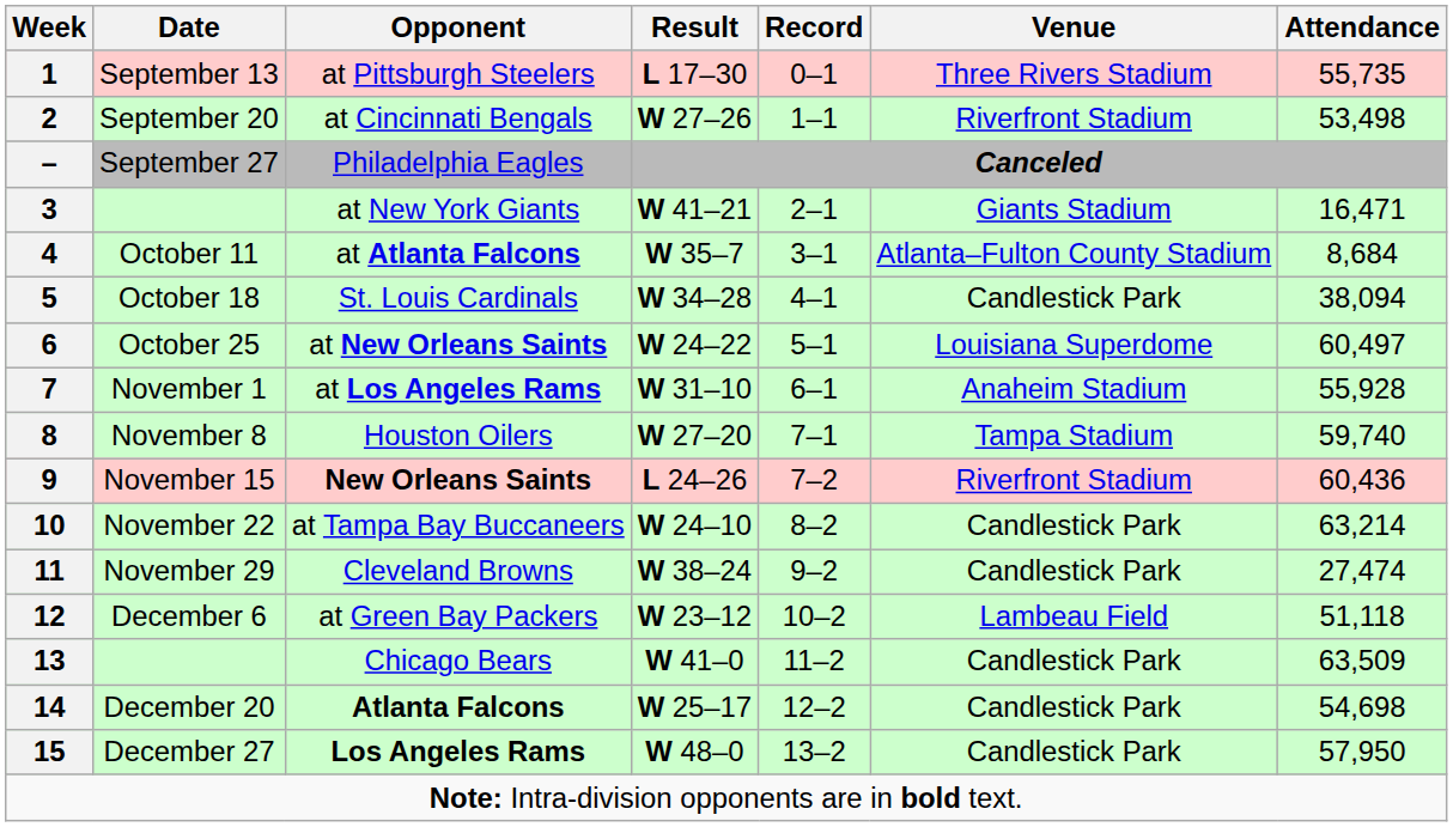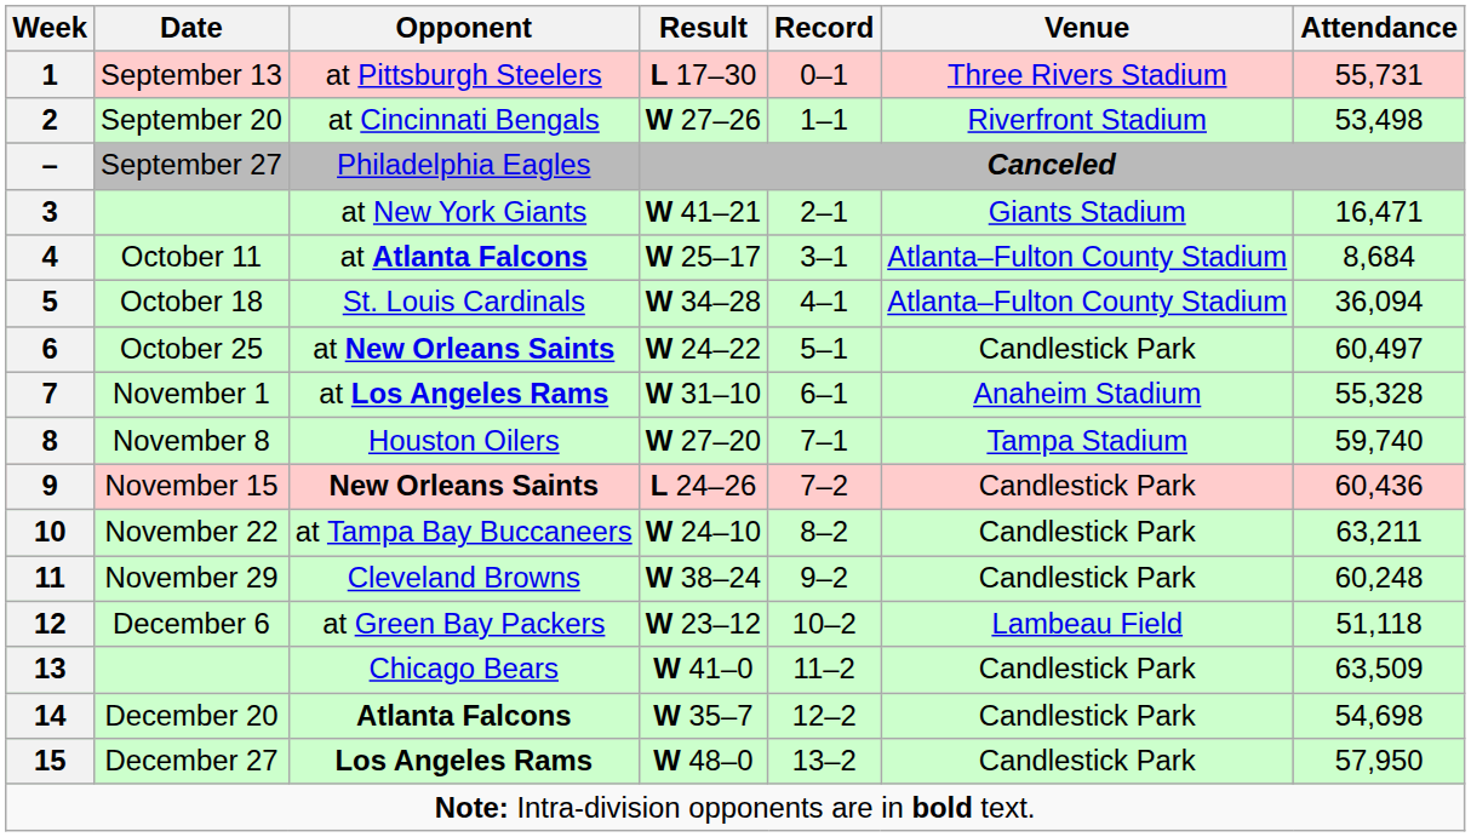 <table class="wikitable" style="text-align:center">
 <tr>
 <th>Week</th>
 <th>Date</th>
 <th>Opponent</th>
 <th>Result</th>
 <th>Record</th>
 <th>Venue</th>
 <th>Attendance</th>
 </tr>
 <tr style="background:#fcc">
 <th>1</th>
 <td>September 13</td>
 <td>at <a href='#'>Pittsburgh Steelers</a></td>
 <td><strong>L</strong> 17–30</td>
 <td>0–1</td>
 <td><a href='#'>Three Rivers Stadium</a></td>
-<td>55,735</td>
+<td>55,731</td>
 </tr>
 <tr style="background:#cfc">
 <th>2</th>
 <td>September 20</td>
 <td>at <a href='#'>Cincinnati Bengals</a></td>
 <td><strong>W</strong> 27–26</td>
 <td>1–1</td>
 <td><a href='#'>Riverfront Stadium</a></td>
 <td>53,498</td>
 </tr>
 <tr style="background:#bababa">
 <th>–</th>
 <td>September 27</td>
 <td><a href='#'>Philadelphia Eagles</a></td>
 <td colspan=5><strong><em>Canceled</em></strong></td>
 </tr>
 <tr style="background:#cfc">
 <th>3</th>
 <td></td>
 <td>at <a href='#'>New York Giants</a></td>
 <td><strong>W</strong> 41–21</td>
 <td>2–1</td>
 <td><a href='#'>Giants Stadium</a></td>
 <td>16,471</td>
 </tr>
 <tr style="background:#cfc">
 <th>4</th>
 <td>October 11</td>
 <td>at <strong><a href='#'>Atlanta Falcons</a></strong></td>
-<td><strong>W</strong> 35–7</td>
+<td><strong>W</strong> 25–17</td>
 <td>3–1</td>
 <td><a href='#'>Atlanta–Fulton County Stadium</a></td>
 <td>8,684</td>
 </tr>
 <tr style="background:#cfc">
 <th>5</th>
 <td>October 18</td>
 <td><a href='#'>St. Louis Cardinals</a></td>
 <td><strong>W</strong> 34–28</td>
 <td>4–1</td>
-<td>Candlestick Park</td>
-<td>38,094</td>
+<td><a href='#'>Atlanta–Fulton County Stadium</a></td>
+<td>36,094</td>
 </tr>
 <tr style="background:#cfc">
 <th>6</th>
 <td>October 25</td>
 <td>at <strong><a href='#'>New Orleans Saints</a></strong></td>
 <td><strong>W</strong> 24–22</td>
 <td>5–1</td>
-<td><a href='#'>Louisiana Superdome</a></td>
+<td>Candlestick Park</td>
 <td>60,497</td>
 </tr>
 <tr style="background:#cfc">
 <th>7</th>
 <td>November 1</td>
 <td>at <strong><a href='#'>Los Angeles Rams</a></strong></td>
 <td><strong>W</strong> 31–10</td>
 <td>6–1</td>
 <td><a href='#'>Anaheim Stadium</a></td>
-<td>55,928</td>
+<td>55,328</td>
 </tr>
 <tr style="background:#cfc">
 <th>8</th>
 <td>November 8</td>
 <td><a href='#'>Houston Oilers</a></td>
 <td><strong>W</strong> 27–20</td>
 <td>7–1</td>
 <td><a href='#'>Tampa Stadium</a></td>
 <td>59,740</td>
 </tr>
 <tr style="background:#fcc">
 <th>9</th>
 <td>November 15</td>
 <td><strong>New Orleans Saints</strong></td>
 <td><strong>L</strong> 24–26</td>
 <td>7–2</td>
-<td><a href='#'>Riverfront Stadium</a></td>
+<td>Candlestick Park</td>
 <td>60,436</td>
 </tr>
 <tr style="background:#cfc">
 <th>10</th>
 <td>November 22</td>
 <td>at <a href='#'>Tampa Bay Buccaneers</a></td>
 <td><strong>W</strong> 24–10</td>
 <td>8–2</td>
 <td>Candlestick Park</td>
-<td>63,214</td>
+<td>63,211</td>
 </tr>
 <tr style="background:#cfc">
 <th>11</th>
 <td>November 29</td>
 <td><a href='#'>Cleveland Browns</a></td>
 <td><strong>W</strong> 38–24</td>
 <td>9–2</td>
 <td>Candlestick Park</td>
-<td>27,474</td>
+<td>60,248</td>
 </tr>
 <tr style="background:#cfc">
 <th>12</th>
 <td>December 6</td>
 <td>at <a href='#'>Green Bay Packers</a></td>
 <td><strong>W</strong> 23–12</td>
 <td>10–2</td>
 <td><a href='#'>Lambeau Field</a></td>
 <td>51,118</td>
 </tr>
 <tr style="background:#cfc">
 <th>13</th>
 <td></td>
 <td><a href='#'>Chicago Bears</a></td>
 <td><strong>W</strong> 41–0</td>
 <td>11–2</td>
 <td>Candlestick Park</td>
 <td>63,509</td>
 </tr>
 <tr style="background:#cfc">
 <th>14</th>
 <td>December 20</td>
 <td><strong>Atlanta Falcons</strong></td>
-<td><strong>W</strong> 25–17</td>
+<td><strong>W</strong> 35–7</td>
 <td>12–2</td>
 <td>Candlestick Park</td>
 <td>54,698</td>
 </tr>
 <tr style="background:#cfc">
 <th>15</th>
 <td>December 27</td>
 <td><strong>Los Angeles Rams</strong></td>
 <td><strong>W</strong> 48–0</td>
 <td>13–2</td>
 <td>Candlestick Park</td>
 <td>57,950</td>
 </tr>
 <tr>
 <td colspan="8"><strong>Note:</strong> Intra-division opponents are in <strong>bold</strong> text.</td>
 </tr>
 </table>
